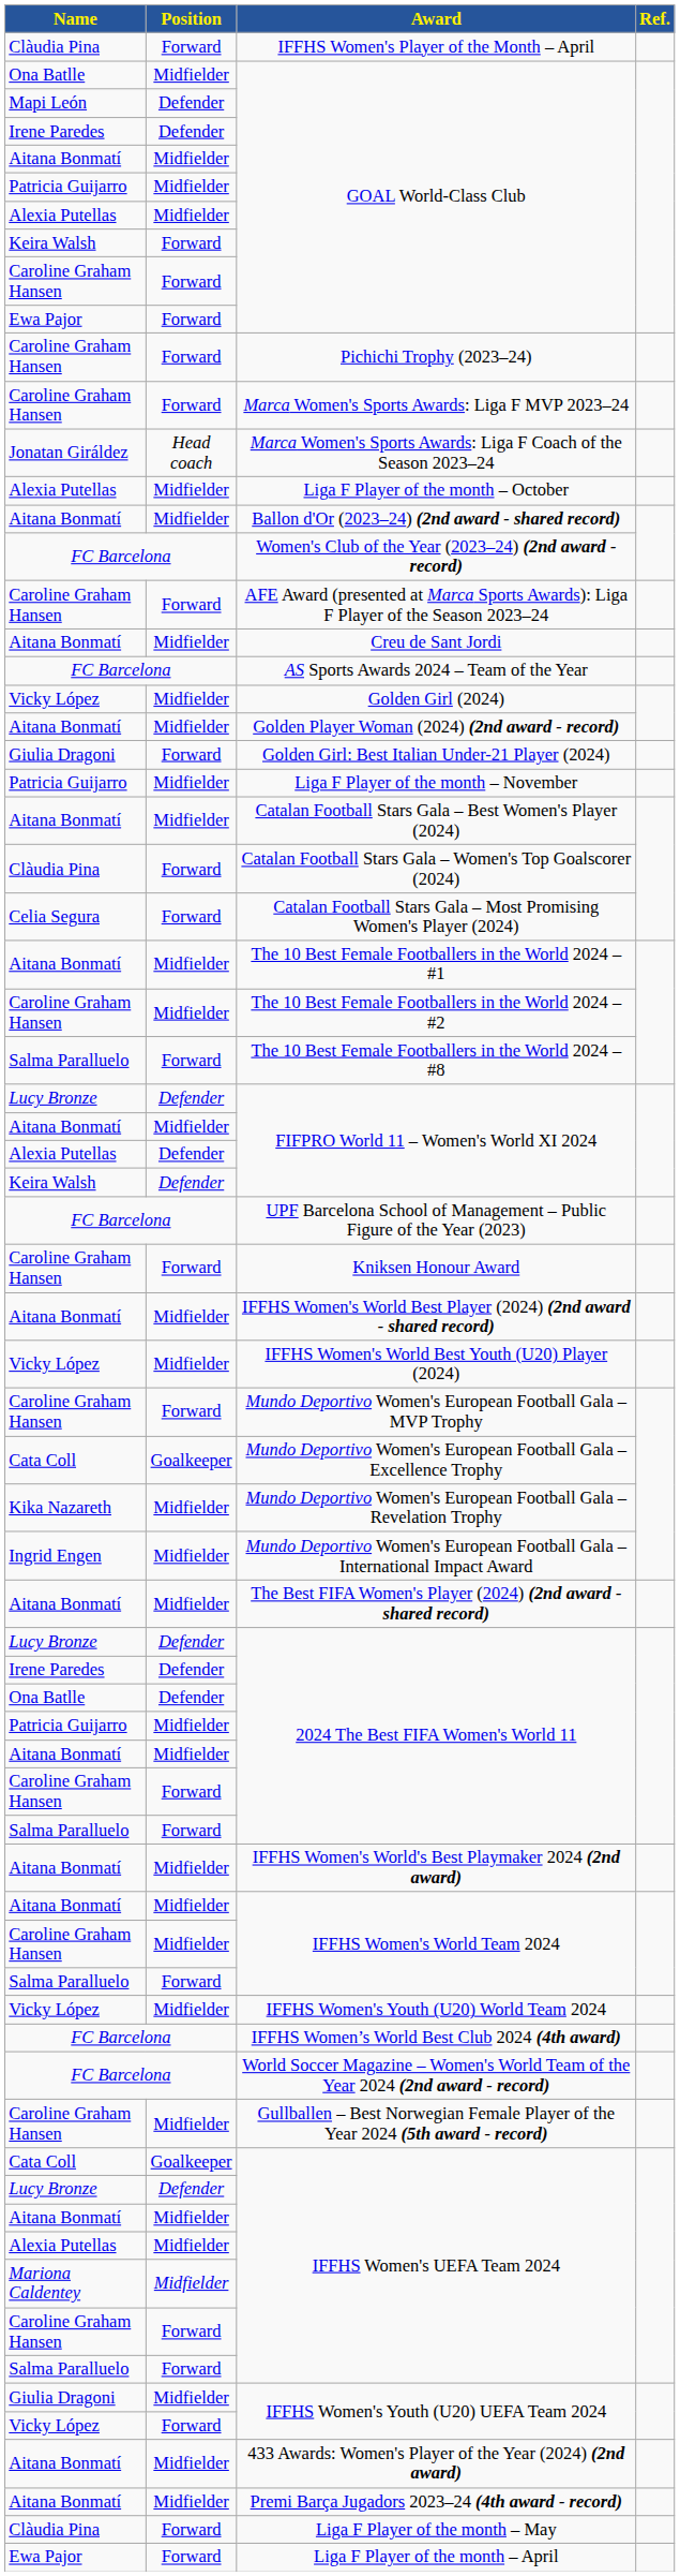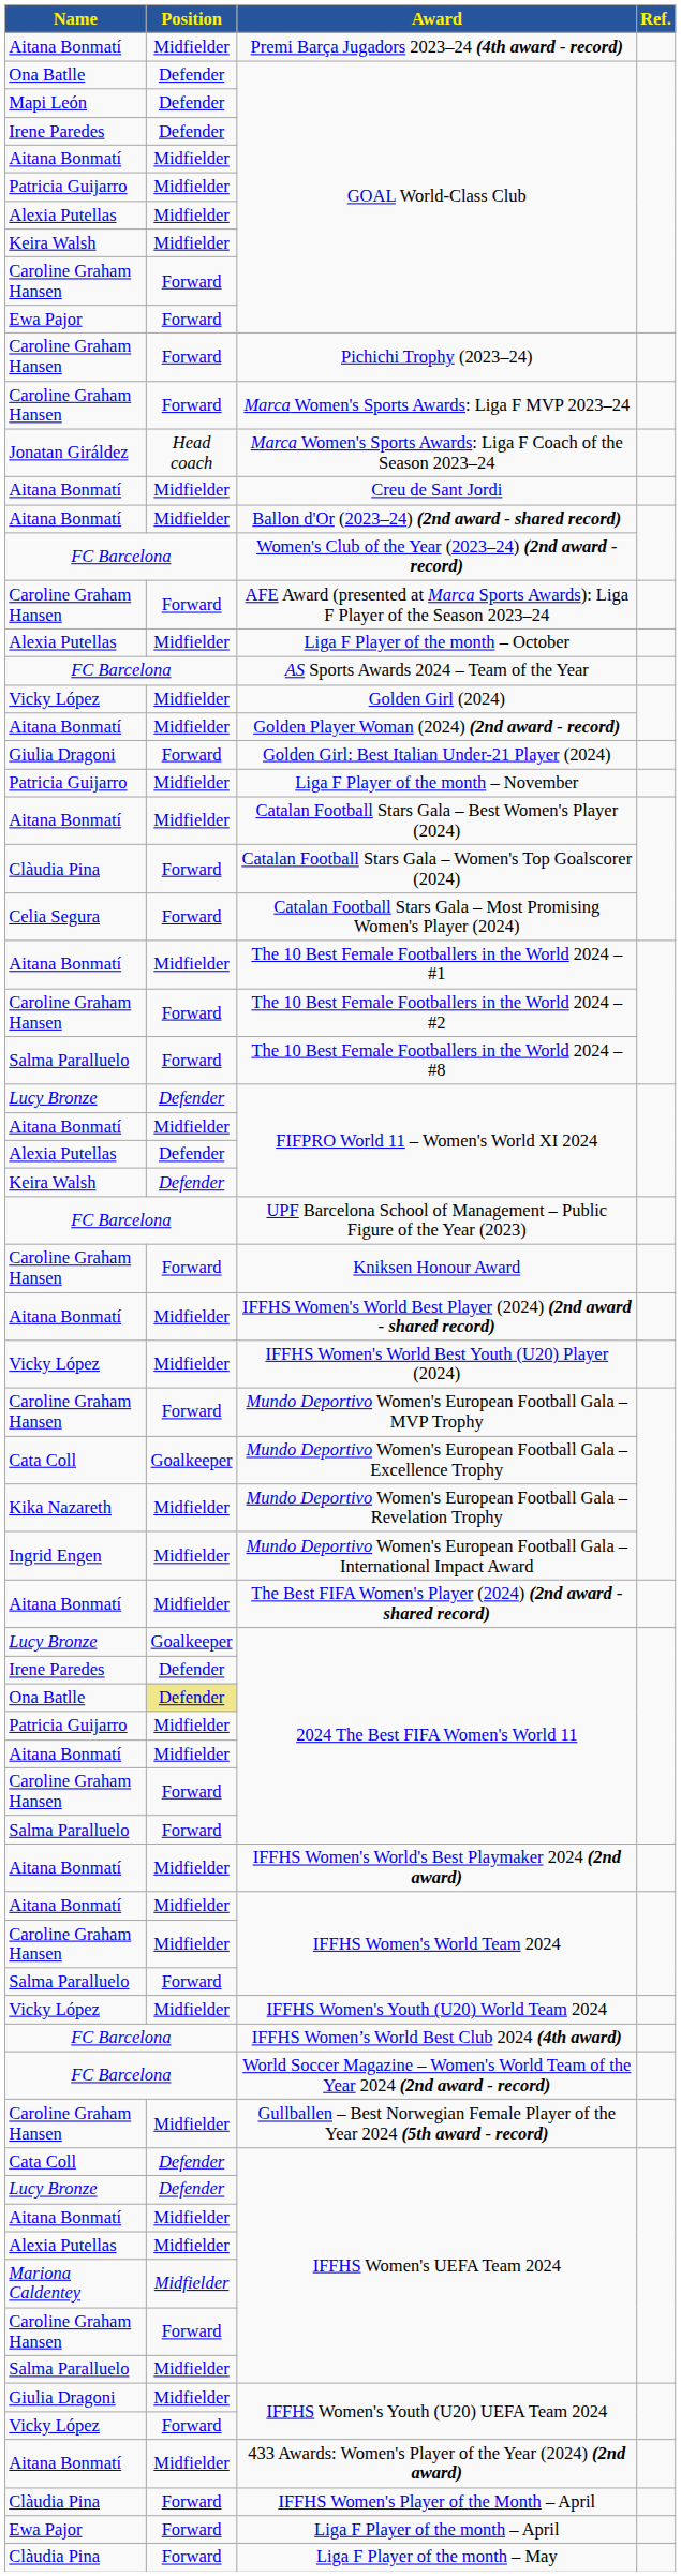 <table class="wikitable">
 <tr>
 <th style="background:#26559B; color:#FFF000; ">Name</th>
 <th style="background:#26559B; color:#FFF000; ">Position</th>
 <th style="background:#26559B; color:#FFF000; ">Award</th>
 <th style="background:#26559B; color:#FFF000; ">Ref.</th>
 </tr>
 <tr>
-<td> <a href='#'>Clàudia Pina</a></td>
-<td align="center"><a href='#'>Forward</a></td>
-<td align="center"><a href='#'>IFFHS Women's Player of the Month</a> – April</td>
+<td> <a href='#'>Aitana Bonmatí</a></td>
+<td align="center"><a href='#'>Midfielder</a></td>
+<td align="center"><a href='#'>Premi Barça Jugadors</a> 2023–24 <strong><em>(4th award - record)</em></strong></td>
 <td align="center"></td>
 </tr>
 <tr>
 <td> <a href='#'>Ona Batlle</a></td>
-<td align="center"><a href='#'>Midfielder</a></td>
+<td align="center"><a href='#'>Defender</a></td>
 <td rowspan="9" align="center"><a href='#'>GOAL</a> World-Class Club</td>
 <td rowspan="9" align="center"></td>
 </tr>
 <tr>
 <td> <a href='#'>Mapi León</a></td>
 <td align="center"><a href='#'>Defender</a></td>
 </tr>
 <tr>
 <td> <a href='#'>Irene Paredes</a></td>
 <td align="center"><a href='#'>Defender</a></td>
 </tr>
 <tr>
 <td> <a href='#'>Aitana Bonmatí</a></td>
 <td align="center"><a href='#'>Midfielder</a></td>
 </tr>
 <tr>
 <td> <a href='#'>Patricia Guijarro</a></td>
 <td align="center"><a href='#'>Midfielder</a></td>
 </tr>
 <tr>
 <td> <a href='#'>Alexia Putellas</a></td>
 <td align="center"><a href='#'>Midfielder</a></td>
 </tr>
 <tr>
 <td> <a href='#'>Keira Walsh</a></td>
-<td align="center"><a href='#'>Forward</a></td>
+<td align="center"><a href='#'>Midfielder</a></td>
 </tr>
 <tr>
 <td> <a href='#'>Caroline Graham Hansen</a></td>
 <td align="center"><a href='#'>Forward</a></td>
 </tr>
 <tr>
 <td> <a href='#'>Ewa Pajor</a></td>
 <td align="center"><a href='#'>Forward</a></td>
 </tr>
 <tr>
 <td> <a href='#'>Caroline Graham Hansen</a></td>
 <td align="center"><a href='#'>Forward</a></td>
 <td align="center"><a href='#'>Pichichi Trophy</a> (2023–24)</td>
 <td align="center"></td>
 </tr>
 <tr>
 <td> <a href='#'>Caroline Graham Hansen</a></td>
 <td align="center"><a href='#'>Forward</a></td>
 <td align="center"><a href='#'><em>Marca</em> Women's Sports Awards</a>: Liga F MVP 2023–24</td>
 <td align="center"></td>
 </tr>
 <tr>
 <td> <a href='#'>Jonatan Giráldez</a></td>
 <td align="center"><em>Head coach</em></td>
 <td align="center"><a href='#'><em>Marca</em> Women's Sports Awards</a>: Liga F Coach of the Season 2023–24</td>
 <td align="center"></td>
 </tr>
 <tr>
-<td> <a href='#'>Alexia Putellas</a></td>
+<td> <a href='#'>Aitana Bonmatí</a></td>
 <td align="center"><a href='#'>Midfielder</a></td>
-<td align="center"><a href='#'>Liga F Player of the month</a> – October</td>
+<td align="center"><a href='#'>Creu de Sant Jordi</a></td>
 <td align="center"></td>
 </tr>
 <tr>
 <td> <a href='#'>Aitana Bonmatí</a></td>
 <td align="center"><a href='#'>Midfielder</a></td>
 <td align="center"><a href='#'>Ballon d'Or</a> (<a href='#'>2023–24</a>) <strong><em>(2nd award - shared record)</em></strong></td>
 <td rowspan="2" align="center"></td>
 </tr>
 <tr>
 <td colspan="2" align="center"><a href='#'><em>FC Barcelona</em></a></td>
 <td align="center"><a href='#'>Women's Club of the Year</a> (<a href='#'>2023–24</a>) <strong><em>(2nd award - record)</em></strong></td>
 </tr>
 <tr>
 <td> <a href='#'>Caroline Graham Hansen</a></td>
 <td align="center"><a href='#'>Forward</a></td>
 <td align="center"><a href='#'>AFE</a> Award (presented at <a href='#'><em>Marca</em> Sports Awards</a>): Liga F Player of the Season 2023–24</td>
 <td align="center"></td>
 </tr>
 <tr>
-<td> <a href='#'>Aitana Bonmatí</a></td>
+<td> <a href='#'>Alexia Putellas</a></td>
 <td align="center"><a href='#'>Midfielder</a></td>
-<td align="center"><a href='#'>Creu de Sant Jordi</a></td>
+<td align="center"><a href='#'>Liga F Player of the month</a> – October</td>
 <td align="center"></td>
 </tr>
 <tr>
 <td colspan="2"  align="center"><a href='#'><em>FC Barcelona</em></a></td>
 <td align="center"><a href='#'><em>AS</em></a> Sports Awards 2024 – Team of the Year</td>
 <td align="center"></td>
 </tr>
 <tr>
 <td> <a href='#'>Vicky López</a></td>
 <td align="center"><a href='#'>Midfielder</a></td>
 <td align="center"><a href='#'>Golden Girl</a> (2024)</td>
 <td rowspan="2" align="center"></td>
 </tr>
 <tr>
 <td> <a href='#'>Aitana Bonmatí</a></td>
 <td align="center"><a href='#'>Midfielder</a></td>
 <td align="center"><a href='#'>Golden Player Woman</a> (2024) <strong><em>(2nd award - record)</em></strong></td>
 </tr>
 <tr>
 <td> <a href='#'>Giulia Dragoni</a></td>
 <td align="center"><a href='#'>Forward</a></td>
 <td align="center"><a href='#'>Golden Girl: Best Italian Under-21 Player</a> (2024)</td>
 <td align="center"></td>
 </tr>
 <tr>
 <td> <a href='#'>Patricia Guijarro</a></td>
 <td align="center"><a href='#'>Midfielder</a></td>
 <td align="center"><a href='#'>Liga F Player of the month</a> – November</td>
 <td align="center"></td>
 </tr>
 <tr>
 <td> <a href='#'>Aitana Bonmatí</a></td>
 <td align="center"><a href='#'>Midfielder</a></td>
 <td align="center"><a href='#'>Catalan Football</a> Stars Gala – Best Women's Player (2024)</td>
 <td rowspan="3" align="center"></td>
 </tr>
 <tr>
 <td> <a href='#'>Clàudia Pina</a></td>
 <td align="center"><a href='#'>Forward</a></td>
 <td align="center"><a href='#'>Catalan Football</a> Stars Gala – Women's Top Goalscorer (2024)</td>
 </tr>
 <tr>
 <td> <a href='#'>Celia Segura</a></td>
 <td align="center"><a href='#'>Forward</a></td>
 <td align="center"><a href='#'>Catalan Football</a> Stars Gala – Most Promising Women's Player (2024)</td>
 </tr>
 <tr>
 <td> <a href='#'>Aitana Bonmatí</a></td>
 <td align="center"><a href='#'>Midfielder</a></td>
 <td align="center"><a href='#'>The 10 Best Female Footballers in the World</a> 2024 – #1</td>
 <td rowspan="3"  align="center"></td>
 </tr>
 <tr>
 <td> <a href='#'>Caroline Graham Hansen</a></td>
-<td align="center"><a href='#'>Midfielder</a></td>
+<td align="center"><a href='#'>Forward</a></td>
 <td align="center"><a href='#'>The 10 Best Female Footballers in the World</a> 2024 – #2</td>
 </tr>
 <tr>
 <td> <a href='#'>Salma Paralluelo</a></td>
 <td align="center"><a href='#'>Forward</a></td>
 <td align="center"><a href='#'>The 10 Best Female Footballers in the World</a> 2024 – #8</td>
 </tr>
 <tr>
 <td><em> <a href='#'>Lucy Bronze</a></em></td>
 <td align="center"><a href='#'><em>Defender</em></a></td>
 <td rowspan="4"  align="center"><a href='#'>FIFPRO World 11</a> – Women's World XI 2024</td>
 <td rowspan="4"  align="center"></td>
 </tr>
 <tr>
 <td> <a href='#'>Aitana Bonmatí</a></td>
 <td align="center"><a href='#'>Midfielder</a></td>
 </tr>
 <tr>
 <td> <a href='#'>Alexia Putellas</a></td>
 <td align="center"><a href='#'>Defender</a></td>
 </tr>
 <tr>
 <td> <a href='#'>Keira Walsh</a></td>
 <td align="center"><a href='#'><em>Defender</em></a></td>
 </tr>
 <tr>
 <td colspan="2"  align="center"><a href='#'><em>FC Barcelona</em></a></td>
 <td align="center"><a href='#'>UPF</a> Barcelona School of Management – Public Figure of the Year (2023)</td>
 <td align="center"></td>
 </tr>
 <tr>
 <td> <a href='#'>Caroline Graham Hansen</a></td>
 <td align="center"><a href='#'>Forward</a></td>
 <td align="center"><a href='#'>Kniksen Honour Award</a></td>
 <td align="center"></td>
 </tr>
 <tr>
 <td> <a href='#'>Aitana Bonmatí</a></td>
 <td align="center"><a href='#'>Midfielder</a></td>
 <td align="center"><a href='#'>IFFHS Women's World Best Player</a> (2024) <strong><em>(2nd award - shared record)</em></strong></td>
 <td align="center"></td>
 </tr>
 <tr>
 <td> <a href='#'>Vicky López</a></td>
 <td align="center"><a href='#'>Midfielder</a></td>
 <td align="center"><a href='#'>IFFHS Women's World Best Youth (U20) Player</a> (2024)</td>
 <td align="center"></td>
 </tr>
 <tr>
 <td> <a href='#'>Caroline Graham Hansen</a></td>
 <td align="center"><a href='#'>Forward</a></td>
 <td align="center"><em><a href='#'>Mundo Deportivo</a></em> Women's European Football Gala – MVP Trophy</td>
 <td rowspan="4"  align="center"></td>
 </tr>
 <tr>
 <td> <a href='#'>Cata Coll</a></td>
 <td align="center"><a href='#'>Goalkeeper</a></td>
 <td align="center"><em><a href='#'>Mundo Deportivo</a></em> Women's European Football Gala – Excellence Trophy</td>
 </tr>
 <tr>
 <td> <a href='#'>Kika Nazareth</a></td>
 <td align="center"><a href='#'>Midfielder</a></td>
 <td align="center"><em><a href='#'>Mundo Deportivo</a></em> Women's European Football Gala – Revelation Trophy</td>
 </tr>
 <tr>
 <td> <a href='#'>Ingrid Engen</a></td>
 <td align="center"><a href='#'>Midfielder</a></td>
 <td align="center"><em><a href='#'>Mundo Deportivo</a></em> Women's European Football Gala – International Impact Award</td>
 </tr>
 <tr>
 <td> <a href='#'>Aitana Bonmatí</a></td>
 <td align="center"><a href='#'>Midfielder</a></td>
 <td align="center"><a href='#'>The Best FIFA Women's Player</a> (<a href='#'>2024</a>) <strong><em>(2nd award - shared record)</em></strong></td>
 <td align="center"></td>
 </tr>
 <tr>
 <td><em> <a href='#'>Lucy Bronze</a></em></td>
-<td align="center"><a href='#'><em>Defender</em></a></td>
+<td align="center"><a href='#'>Goalkeeper</a></td>
 <td rowspan="7"  align="center"><a href='#'>2024 The Best FIFA Women's World 11</a></td>
 <td rowspan="7"  align="center"></td>
 </tr>
 <tr>
 <td> <a href='#'>Irene Paredes</a></td>
 <td align="center"><a href='#'>Defender</a></td>
 </tr>
 <tr>
 <td> <a href='#'>Ona Batlle</a></td>
-<td align="center"><a href='#'>Defender</a></td>
+<td align="center" style="background: khaki;"><a href='#'>Defender</a></td>
 </tr>
 <tr>
 <td> <a href='#'>Patricia Guijarro</a></td>
 <td align="center"><a href='#'>Midfielder</a></td>
 </tr>
 <tr>
 <td> <a href='#'>Aitana Bonmatí</a></td>
 <td align="center"><a href='#'>Midfielder</a></td>
 </tr>
 <tr>
 <td> <a href='#'>Caroline Graham Hansen</a></td>
 <td align="center"><a href='#'>Forward</a></td>
 </tr>
 <tr>
 <td> <a href='#'>Salma Paralluelo</a></td>
 <td align="center"><a href='#'>Forward</a></td>
 </tr>
 <tr>
 <td> <a href='#'>Aitana Bonmatí</a></td>
 <td align="center"><a href='#'>Midfielder</a></td>
 <td align="center"><a href='#'>IFFHS Women's World's Best Playmaker</a> 2024 <strong><em>(2nd award)</em></strong></td>
 <td align="center"></td>
 </tr>
 <tr>
 <td> <a href='#'>Aitana Bonmatí</a></td>
 <td align="center"><a href='#'>Midfielder</a></td>
 <td rowspan="3"  align="center"><a href='#'>IFFHS Women's World Team</a> 2024</td>
 <td rowspan="3"  align="center"></td>
 </tr>
 <tr>
 <td> <a href='#'>Caroline Graham Hansen</a></td>
 <td align="center"><a href='#'>Midfielder</a></td>
 </tr>
 <tr>
 <td> <a href='#'>Salma Paralluelo</a></td>
 <td align="center"><a href='#'>Forward</a></td>
 </tr>
 <tr>
 <td> <a href='#'>Vicky López</a></td>
 <td align="center"><a href='#'>Midfielder</a></td>
 <td align="center"><a href='#'>IFFHS Women's Youth (U20) World Team</a> 2024</td>
 <td align="center"></td>
 </tr>
 <tr>
 <td colspan="2" align="center"><a href='#'><em>FC Barcelona</em></a></td>
 <td align="center"><a href='#'>IFFHS Women’s World Best Club</a> 2024 <strong><em>(4th award)</em></strong></td>
 <td align="center"></td>
 </tr>
 <tr>
 <td colspan="2"  align="center"><a href='#'><em>FC Barcelona</em></a></td>
 <td align="center"><a href='#'>World Soccer Magazine – Women's World Team of the Year</a> 2024 <strong><em>(2nd award - record)</em></strong></td>
 <td align="center"></td>
 </tr>
 <tr>
 <td> <a href='#'>Caroline Graham Hansen</a></td>
 <td align="center"><a href='#'>Midfielder</a></td>
 <td align="center"><a href='#'>Gullballen</a> – Best Norwegian Female Player of the Year 2024 <strong><em>(5th award - record)</em></strong></td>
 <td align="center"></td>
 </tr>
 <tr>
 <td> <a href='#'>Cata Coll</a></td>
-<td align="center"><a href='#'>Goalkeeper</a></td>
+<td align="center"><a href='#'><em>Defender</em></a></td>
 <td rowspan="7" align="center"><a href='#'>IFFHS</a> Women's UEFA Team 2024</td>
 <td rowspan="7" align="center"></td>
 </tr>
 <tr>
 <td><em> <a href='#'>Lucy Bronze</a></em></td>
 <td align="center"><a href='#'><em>Defender</em></a></td>
 </tr>
 <tr>
 <td> <a href='#'>Aitana Bonmatí</a></td>
 <td align="center"><a href='#'>Midfielder</a></td>
 </tr>
 <tr>
 <td> <a href='#'>Alexia Putellas</a></td>
 <td align="center"><a href='#'>Midfielder</a></td>
 </tr>
 <tr>
 <td><em> <a href='#'>Mariona Caldentey</a></em></td>
 <td align="center"><em><a href='#'>Midfielder</a></em></td>
 </tr>
 <tr>
 <td> <a href='#'>Caroline Graham Hansen</a></td>
 <td align="center"><a href='#'>Forward</a></td>
 </tr>
 <tr>
 <td> <a href='#'>Salma Paralluelo</a></td>
-<td align="center"><a href='#'>Forward</a></td>
+<td align="center"><a href='#'>Midfielder</a></td>
 </tr>
 <tr>
 <td> <a href='#'>Giulia Dragoni</a></td>
 <td align="center"><a href='#'>Midfielder</a></td>
 <td rowspan="2" align="center"><a href='#'>IFFHS</a> Women's Youth (U20) UEFA Team 2024</td>
 <td rowspan="2" align="center"></td>
 </tr>
 <tr>
 <td> <a href='#'>Vicky López</a></td>
 <td align="center"><a href='#'>Forward</a></td>
 </tr>
 <tr>
 <td> <a href='#'>Aitana Bonmatí</a></td>
 <td align="center"><a href='#'>Midfielder</a></td>
 <td align="center">433 Awards: Women's Player of the Year (2024) <strong><em>(2nd award)</em></strong></td>
 <td align="center"></td>
 </tr>
 <tr>
-<td> <a href='#'>Aitana Bonmatí</a></td>
-<td align="center"><a href='#'>Midfielder</a></td>
-<td align="center"><a href='#'>Premi Barça Jugadors</a> 2023–24 <strong><em>(4th award - record)</em></strong></td>
+<td> <a href='#'>Clàudia Pina</a></td>
+<td align="center"><a href='#'>Forward</a></td>
+<td align="center"><a href='#'>IFFHS Women's Player of the Month</a> – April</td>
+<td align="center"></td>
+</tr>
+<tr>
+<td> <a href='#'>Ewa Pajor</a></td>
+<td align="center"><a href='#'>Forward</a></td>
+<td align="center"><a href='#'>Liga F Player of the month</a> – April</td>
 <td align="center"></td>
 </tr>
 <tr>
 <td> <a href='#'>Clàudia Pina</a></td>
 <td align="center"><a href='#'>Forward</a></td>
 <td align="center"><a href='#'>Liga F Player of the month</a> – May</td>
 <td align="center"></td>
 </tr>
-<tr>
-<td> <a href='#'>Ewa Pajor</a></td>
-<td align="center"><a href='#'>Forward</a></td>
-<td align="center"><a href='#'>Liga F Player of the month</a> – April</td>
-<td align="center"></td>
-</tr>
 </table>
